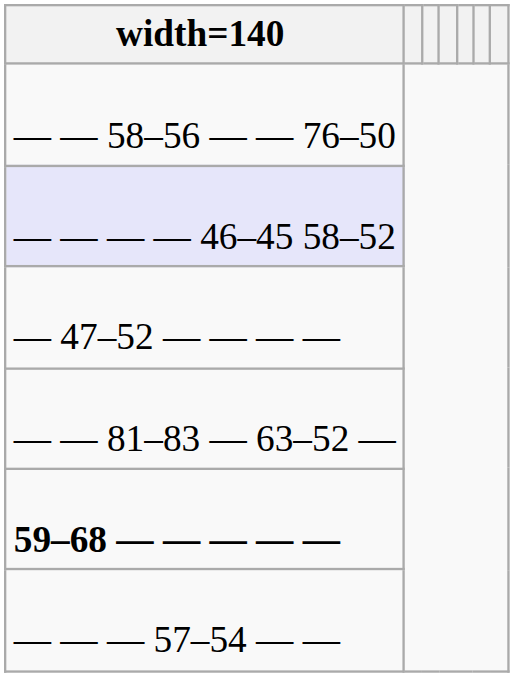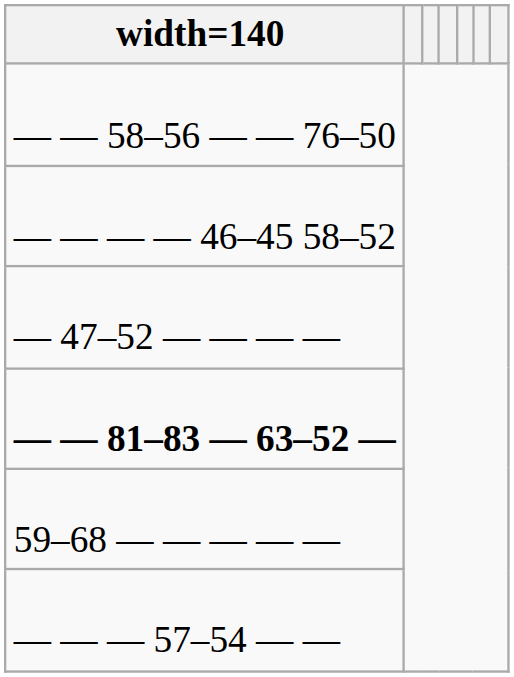 <table class="wikitable" style="text-align:center;">
 <tr>
 <th>width=140 </th>
 <th></th>
 <th></th>
 <th></th>
 <th></th>
 <th></th>
 <th></th>
 </tr>
 <tr>
 <td style="text-align:left;"><br> —  —  58–56  —  —  76–50</td>
 </tr>
 <tr>
-<td style="background: lavender; text-align:left;"><br> —  —  —  —  46–45  58–52</td>
+<td style="text-align:left;"><br> —  —  —  —  46–45  58–52</td>
 </tr>
 <tr>
 <td style="text-align:left;"><br> —  47–52  —  —  —  —</td>
 </tr>
 <tr>
-<td style="text-align:left;"><br> —  —  81–83  —  63–52  —</td>
+<td style="text-align:left;"><strong><br> —  —  81–83  —  63–52  —</strong></td>
 </tr>
 <tr>
-<td style="text-align:left;"><strong><br> 59–68  —  —  —  —  —</strong></td>
+<td style="text-align:left;"><br> 59–68  —  —  —  —  —</td>
 </tr>
 <tr>
 <td style="text-align:left;"><br> —  —  —  57–54  —  —</td>
 </tr>
 </table>
